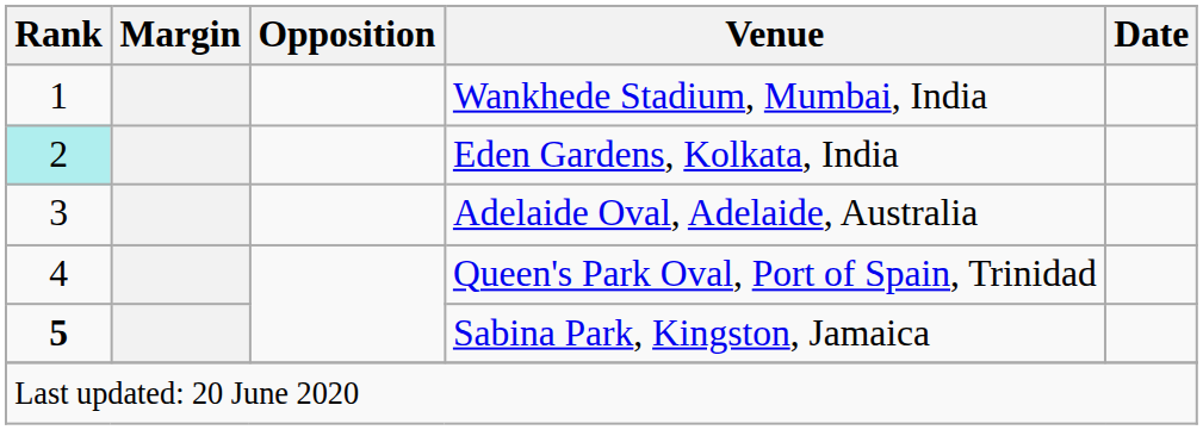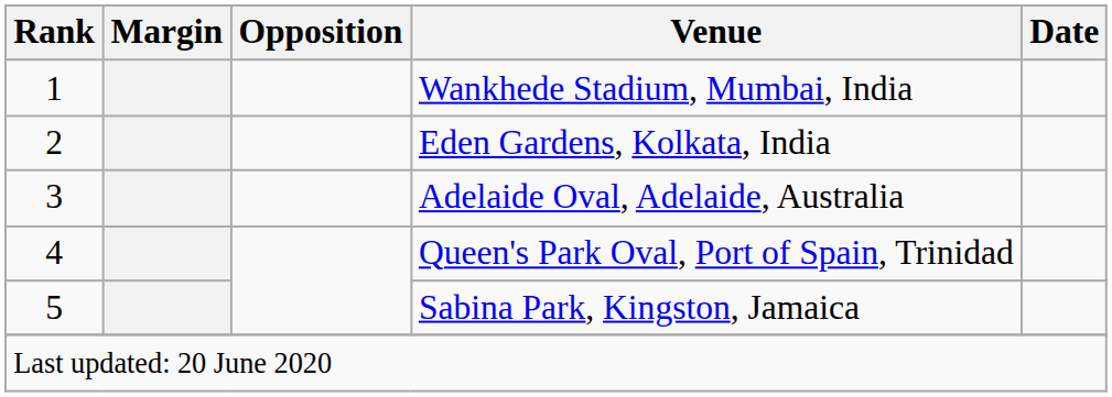 <table class="wikitable sortable">
 <tr>
 <th scope=col>Rank</th>
 <th scope=col>Margin</th>
 <th scope=col>Opposition</th>
 <th scope=col>Venue</th>
 <th scope=col>Date</th>
 </tr>
 <tr>
 <td align=center>1</td>
 <th scope=row style=text-align:center;></th>
 <td></td>
 <td><a href='#'>Wankhede Stadium</a>, <a href='#'>Mumbai</a>, India</td>
 <td></td>
 </tr>
 <tr>
-<td align=center style="background: paleturquoise;">2</td>
+<td align=center>2</td>
 <th scope=row style=text-align:center;></th>
 <td></td>
 <td><a href='#'>Eden Gardens</a>, <a href='#'>Kolkata</a>, India</td>
 <td></td>
 </tr>
 <tr>
 <td align=center>3</td>
 <th scope=row style=text-align:center;></th>
 <td></td>
 <td><a href='#'>Adelaide Oval</a>, <a href='#'>Adelaide</a>, Australia</td>
 <td></td>
 </tr>
 <tr>
 <td align=center>4</td>
 <th scope=row style=text-align:center;></th>
 <td rowspan=2></td>
 <td><a href='#'>Queen's Park Oval</a>, <a href='#'>Port of Spain</a>, Trinidad</td>
 <td></td>
 </tr>
 <tr>
-<td align=center><strong>5</strong></td>
+<td align=center>5</td>
 <th scope=row style=text-align:center;></th>
 <td><a href='#'>Sabina Park</a>, <a href='#'>Kingston</a>, Jamaica</td>
 <td></td>
 </tr>
 <tr>
 </tr>
 <tr class=sortbottom>
 <td colspan=5><small>Last updated: 20 June 2020</small></td>
 </tr>
 </table>
